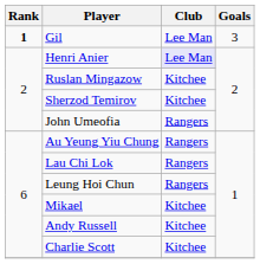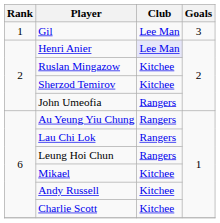 <table class="wikitable" style="text-align:center">
 <tr>
 <th>Rank</th>
 <th>Player</th>
 <th>Club</th>
 <th>Goals</th>
 </tr>
 <tr>
-<td><strong>1</strong></td>
+<td>1</td>
 <td align="left"> <a href='#'>Gil</a></td>
 <td align="left"><a href='#'>Lee Man</a></td>
 <td>3</td>
 </tr>
 <tr>
 <td rowspan="4">2</td>
 <td align="left"> <a href='#'>Henri Anier</a></td>
 <td align="left" style="background: lavender;"><a href='#'>Lee Man</a></td>
 <td rowspan="4">2</td>
 </tr>
 <tr>
 <td align="left"> <a href='#'>Ruslan Mingazow</a></td>
 <td align="left"><a href='#'>Kitchee</a></td>
 </tr>
 <tr>
 <td align="left"> <a href='#'>Sherzod Temirov</a></td>
 <td align="left"><a href='#'>Kitchee</a></td>
 </tr>
 <tr>
 <td align="left"> John Umeofia</td>
 <td align="left"><a href='#'>Rangers</a></td>
 </tr>
 <tr>
 <td rowspan="6">6</td>
 <td align="left"> <a href='#'>Au Yeung Yiu Chung</a></td>
 <td align="left"><a href='#'>Rangers</a></td>
 <td rowspan="6">1</td>
 </tr>
 <tr>
 <td align="left"> <a href='#'>Lau Chi Lok</a></td>
 <td align="left"><a href='#'>Rangers</a></td>
 </tr>
 <tr>
 <td align="left"> Leung Hoi Chun</td>
 <td align="left"><a href='#'>Rangers</a></td>
 </tr>
 <tr>
 <td align="left"> <a href='#'>Mikael</a></td>
 <td align="left"><a href='#'>Kitchee</a></td>
 </tr>
 <tr>
 <td align="left"> <a href='#'>Andy Russell</a></td>
 <td align="left"><a href='#'>Kitchee</a></td>
 </tr>
 <tr>
 <td align="left"> <a href='#'>Charlie Scott</a></td>
 <td align="left"><a href='#'>Kitchee</a></td>
 </tr>
 <tr>
 </tr>
 </table>
